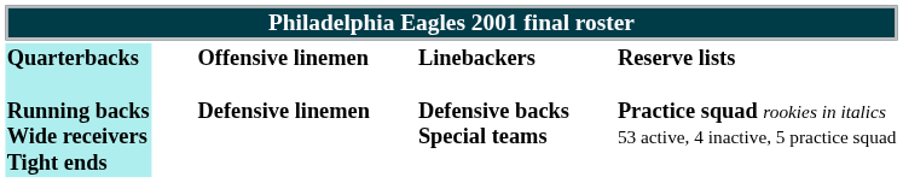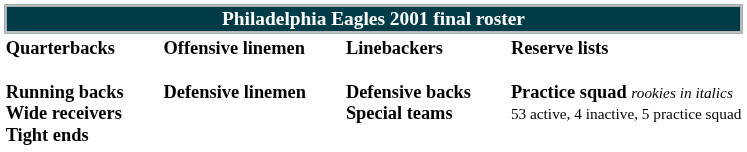 <table class="toccolours" style="text-align: left;">
 <tr>
 <th colspan="9" style="background:#003b48; border:2px solid silver; color:white; text-align:center;"><strong>Philadelphia Eagles 2001 final roster</strong></th>
 </tr>
 <tr>
-<td style="background: paleturquoise; font-size:95%; vertical-align:top;"><strong>Quarterbacks</strong><br>  <br><strong>Running backs</strong>      <br><strong>Wide receivers</strong>      <br><strong>Tight ends</strong>   </td>
+<td style="font-size:95%; vertical-align:top;"><strong>Quarterbacks</strong><br>  <br><strong>Running backs</strong>      <br><strong>Wide receivers</strong>      <br><strong>Tight ends</strong>   </td>
 <td style="width: 25px;"></td>
 <td style="font-size:95%; vertical-align:top;"><strong>Offensive linemen</strong><br>        <br><strong>Defensive linemen</strong>        </td>
 <td style="width: 25px;"></td>
 <td style="font-size:95%; vertical-align:top;"><strong>Linebackers </strong><br>     <br><strong>Defensive backs</strong>         <br><strong>Special teams</strong>   </td>
 <td style="width: 25px;"></td>
 <td style="font-size:95%; vertical-align:top;"><strong>Reserve lists</strong><br>   <br><strong>Practice squad</strong>      <small><em>rookies in italics</em></small><br> <small>53 active, 4 inactive, 5 practice squad</small></td>
 </tr>
 <tr>
 </tr>
 </table>
